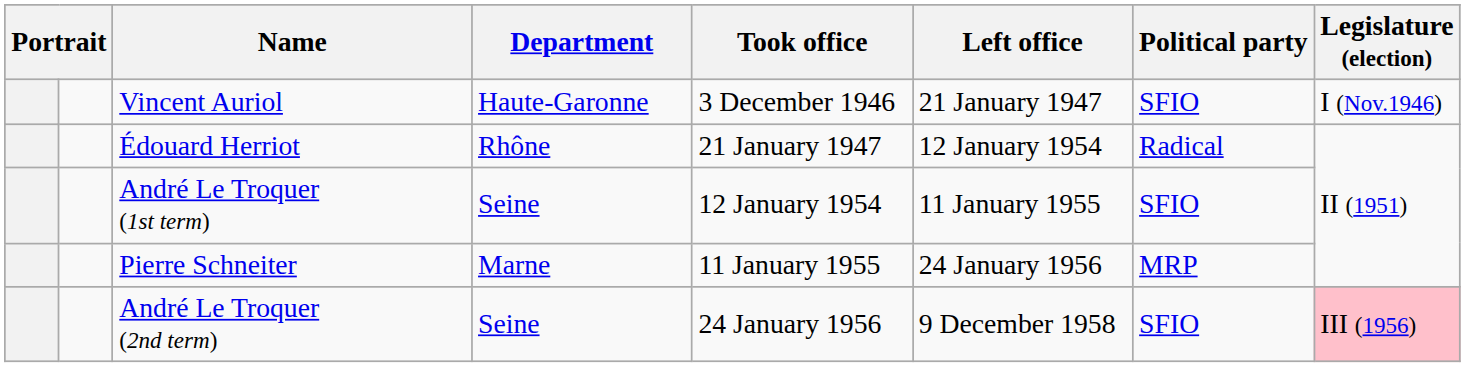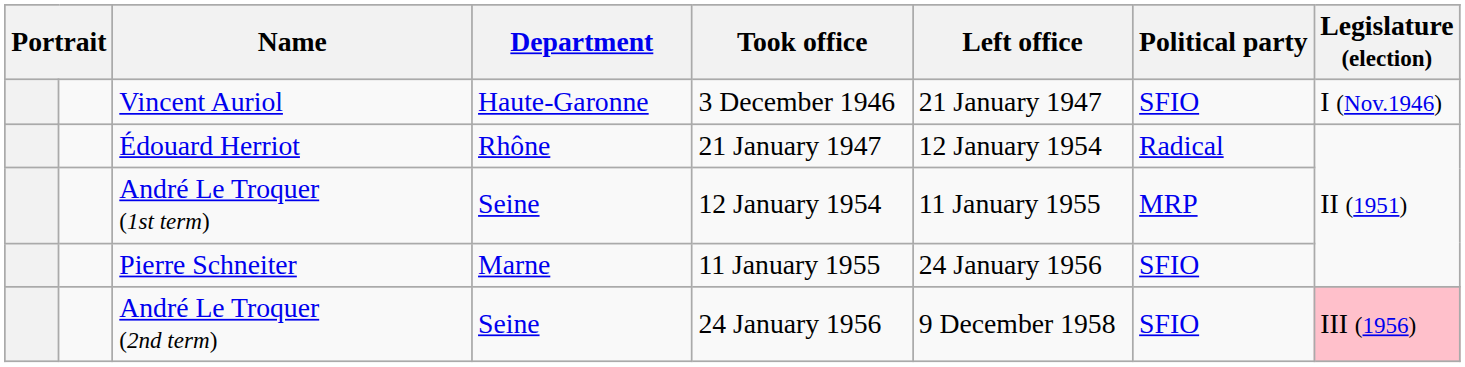 <table class="wikitable">
 <tr>
 <th colspan=2>Portrait</th>
 <th width=200>Name</th>
 <th width=120><a href='#'>Department</a></th>
 <th width=120>Took office</th>
 <th width=120>Left office</th>
 <th>Political party</th>
 <th>Legislature<br><small>(election)</small></th>
 </tr>
 <tr>
 <th style="background:"></th>
 <td></td>
 <td><a href='#'>Vincent Auriol</a></td>
 <td><a href='#'>Haute-Garonne</a></td>
 <td>3 December 1946</td>
 <td>21 January 1947</td>
 <td><a href='#'>SFIO</a></td>
 <td rowspan=2>I <small>(<a href='#'>Nov.1946</a>)</small></td>
 </tr>
 <tr>
 <th rowspan=2 style="background:"></th>
 <td rowspan=2></td>
 <td rowspan=2><a href='#'>Édouard Herriot</a></td>
 <td rowspan=2><a href='#'>Rhône</a></td>
 <td rowspan=2>21 January 1947</td>
 <td rowspan=2>12 January 1954</td>
 <td rowspan=2><a href='#'>Radical</a></td>
 </tr>
 <tr>
 <td rowspan=3>II <small>(<a href='#'>1951</a>)</small></td>
 </tr>
 <tr>
 <th style="background:"></th>
 <td></td>
 <td><a href='#'>André Le Troquer</a><br><small>(<em>1st term</em>)</small></td>
 <td><a href='#'>Seine</a></td>
 <td>12 January 1954</td>
 <td>11 January 1955</td>
-<td><a href='#'>SFIO</a></td>
+<td><a href='#'>MRP</a></td>
 </tr>
 <tr>
 <th style="background:"></th>
 <td></td>
 <td><a href='#'>Pierre Schneiter</a></td>
 <td><a href='#'>Marne</a></td>
 <td>11 January 1955</td>
 <td>24 January 1956</td>
-<td><a href='#'>MRP</a></td>
+<td><a href='#'>SFIO</a></td>
 </tr>
 <tr>
 <th style="background:"></th>
 <td></td>
 <td><a href='#'>André Le Troquer</a><br><small>(<em>2nd term</em>)</small></td>
 <td><a href='#'>Seine</a></td>
 <td>24 January 1956</td>
 <td>9 December 1958</td>
 <td><a href='#'>SFIO</a></td>
 <td style="background: pink;">III <small>(<a href='#'>1956</a>)</small></td>
 </tr>
 </table>
